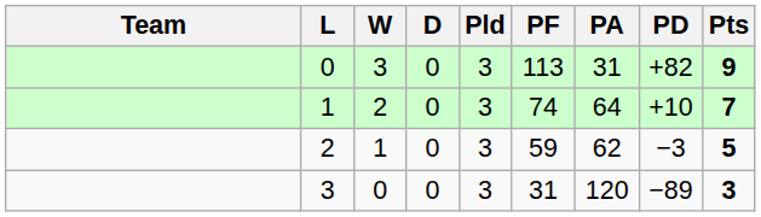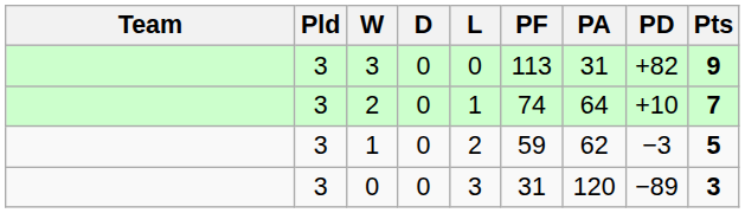 <table class="wikitable" style="text-align:center;">
 <tr>
 <th width=175>Team</th>
-<th width=25 abbr="Lost">L</th>
+<th width=25 abbr="Played">Pld</th>
 <th width=25 abbr="Won">W</th>
 <th width=25 abbr="Drawn">D</th>
-<th width=25 abbr="Played">Pld</th>
+<th width=25 abbr="Lost">L</th>
 <th width=32 abbr="Points for">PF</th>
 <th width=32 abbr="Points against">PA</th>
 <th width=32 abbr="Points difference">PD</th>
 <th width=25 abbr="Points">Pts</th>
 </tr>
 <tr bgcolor="#ccffcc">
 <td align=left></td>
-<td>0</td>
+<td>3</td>
 <td>3</td>
 <td>0</td>
-<td>3</td>
+<td>0</td>
 <td>113</td>
 <td>31</td>
 <td>+82</td>
 <td><strong>9</strong></td>
 </tr>
 <tr bgcolor="#ccffcc">
 <td align=left></td>
-<td>1</td>
+<td>3</td>
 <td>2</td>
 <td>0</td>
-<td>3</td>
+<td>1</td>
 <td>74</td>
 <td>64</td>
 <td>+10</td>
 <td><strong>7</strong></td>
 </tr>
 <tr>
 <td align=left></td>
-<td>2</td>
+<td>3</td>
 <td>1</td>
 <td>0</td>
-<td>3</td>
+<td>2</td>
 <td>59</td>
 <td>62</td>
 <td>−3</td>
 <td><strong>5</strong></td>
 </tr>
 <tr>
 <td align=left></td>
 <td>3</td>
 <td>0</td>
 <td>0</td>
 <td>3</td>
 <td>31</td>
 <td>120</td>
 <td>−89</td>
 <td><strong>3</strong></td>
 </tr>
 </table>
